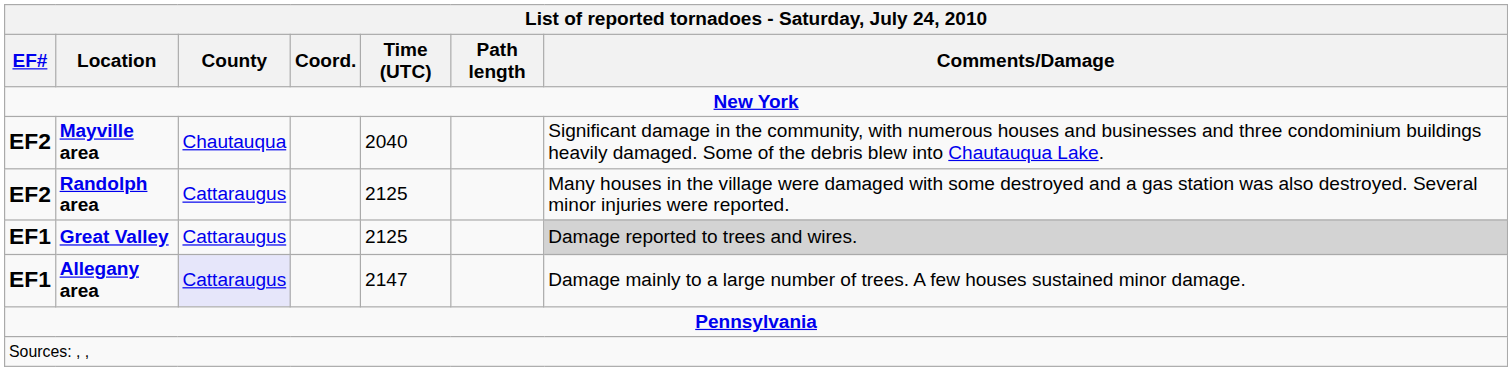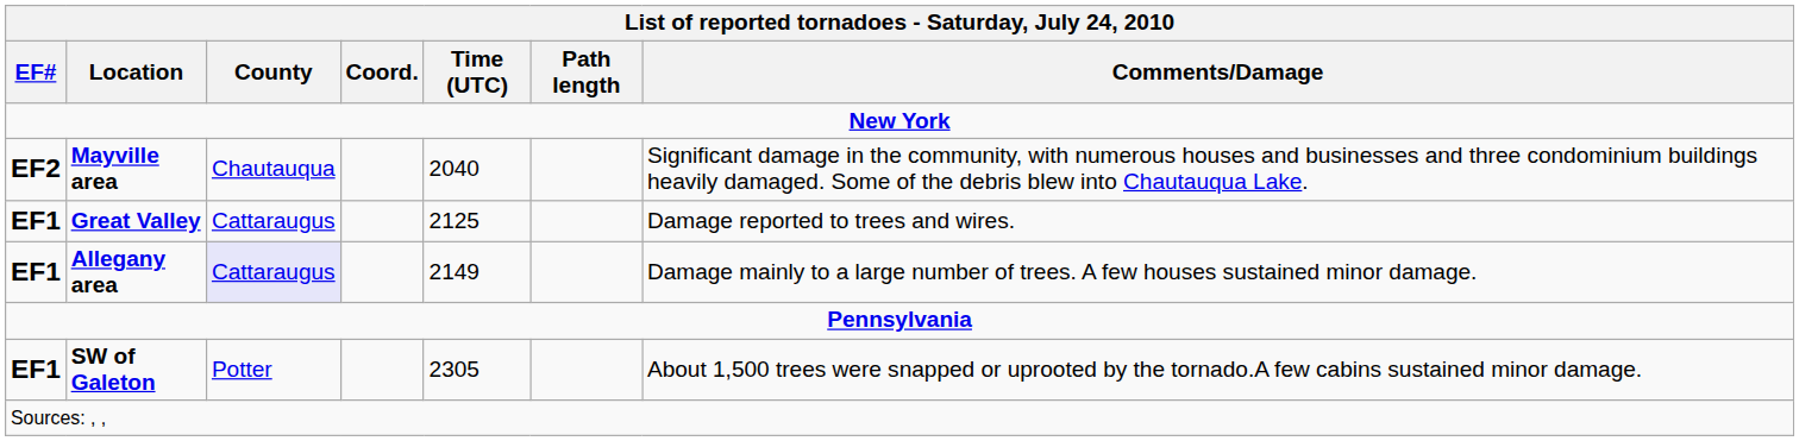 <table class="wikitable collapsible" style="width:100%;">
 <tr>
 <th colspan="7">List of reported tornadoes - Saturday, July 24, 2010</th>
 </tr>
 <tr>
 <th><a href='#'>EF#</a></th>
 <th>Location</th>
 <th>County</th>
 <th>Coord.</th>
 <th>Time (UTC)</th>
 <th>Path length</th>
 <th>Comments/Damage</th>
 </tr>
 <tr>
 <td colspan="7" style="text-align:center;"><strong><a href='#'>New York</a></strong></td>
 </tr>
 <tr>
 <td><big><strong>EF2</strong></big></td>
 <td><strong><a href='#'>Mayville</a> area</strong></td>
 <td><a href='#'>Chautauqua</a></td>
 <td></td>
 <td>2040</td>
 <td></td>
 <td>Significant damage in the community, with numerous houses and businesses and three condominium buildings heavily damaged. Some of the debris blew into <a href='#'>Chautauqua Lake</a>.</td>
 </tr>
 <tr>
-<td><big><strong>EF2</strong></big></td>
-<td><strong><a href='#'>Randolph</a> area</strong></td>
-<td><a href='#'>Cattaraugus</a></td>
-<td></td>
-<td>2125</td>
-<td></td>
-<td>Many houses in the village were damaged with some destroyed and a gas station was also destroyed. Several minor injuries were reported.</td>
-</tr>
-<tr>
 <td><big><strong>EF1</strong></big></td>
 <td><strong><a href='#'>Great Valley</a></strong></td>
 <td><a href='#'>Cattaraugus</a></td>
 <td></td>
 <td>2125</td>
 <td></td>
-<td style="background: lightgrey;">Damage reported to trees and wires.</td>
+<td>Damage reported to trees and wires.</td>
 </tr>
 <tr>
 <td><big><strong>EF1</strong></big></td>
 <td><strong><a href='#'>Allegany</a> area</strong></td>
 <td style="background: lavender;"><a href='#'>Cattaraugus</a></td>
 <td></td>
-<td>2147</td>
+<td>2149</td>
 <td></td>
 <td>Damage mainly to a large number of trees. A few houses sustained minor damage.</td>
 </tr>
 <tr>
 <td colspan="7" style="text-align:center;"><strong><a href='#'>Pennsylvania</a></strong></td>
 </tr>
 <tr>
+<td><big><strong>EF1</strong></big></td>
+<td><strong>SW of <a href='#'>Galeton</a></strong></td>
+<td><a href='#'>Potter</a></td>
+<td></td>
+<td>2305</td>
+<td></td>
+<td>About 1,500 trees were snapped or uprooted by the tornado.A few cabins sustained minor damage.</td>
+</tr>
+<tr>
 <td colspan="7"><small>Sources: , , </small></td>
 </tr>
 </table>
